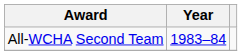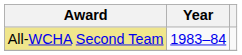 <table class="wikitable">
 <tr>
 <th>Award</th>
 <th>Year</th>
 <th></th>
 </tr>
 <tr>
-<td>All-<a href='#'>WCHA</a> <a href='#'>Second Team</a></td>
+<td style="background: khaki;">All-<a href='#'>WCHA</a> <a href='#'>Second Team</a></td>
 <td><a href='#'>1983–84</a></td>
 <td></td>
 </tr>
 <tr>
 </tr>
 </table>
